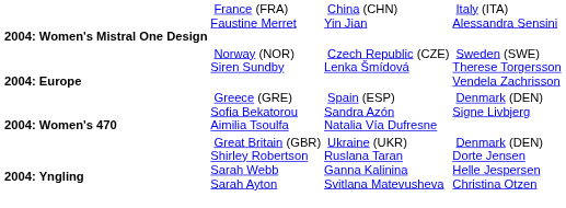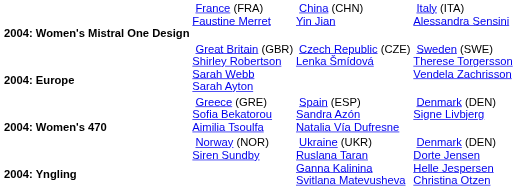 <table>
 <tr>
 <td style="align:center;"><br><br><strong>2004: Women's Mistral One Design</strong> <br></td>
 <td style="vertical-align:top;"> <a href='#'>France</a> <span>(FRA)</span><br><a href='#'>Faustine Merret</a></td>
 <td style="vertical-align:top;"> <a href='#'>China</a> <span>(CHN)</span><br><a href='#'>Yin Jian</a></td>
 <td style="vertical-align:top;"> <a href='#'>Italy</a> <span>(ITA)</span><br><a href='#'>Alessandra Sensini</a></td>
 </tr>
 <tr>
 <td style="align:center;"><br><br><strong>2004: Europe</strong> <br></td>
-<td style="vertical-align:top;"> <a href='#'>Norway</a> <span>(NOR)</span><br><a href='#'>Siren Sundby</a></td>
+<td style="vertical-align:top;"> <a href='#'>Great Britain</a> <span>(GBR)</span><br><a href='#'>Shirley Robertson</a><br><a href='#'>Sarah Webb</a><br><a href='#'>Sarah Ayton</a></td>
 <td style="vertical-align:top;"> <a href='#'>Czech Republic</a> <span>(CZE)</span><br><a href='#'>Lenka Šmídová</a></td>
 <td style="vertical-align:top;"> <a href='#'>Sweden</a> <span>(SWE)</span><br><a href='#'>Therese Torgersson</a><br><a href='#'>Vendela Zachrisson</a></td>
 </tr>
 <tr>
 <td style="align:center;"><br><br><strong>2004: Women's 470</strong> <br></td>
 <td style="vertical-align:top;"> <a href='#'>Greece</a> <span>(GRE)</span><br><a href='#'>Sofia Bekatorou</a><br><a href='#'>Aimilia Tsoulfa</a></td>
 <td style="vertical-align:top;"> <a href='#'>Spain</a> <span>(ESP)</span><br><a href='#'>Sandra Azón</a><br><a href='#'>Natalia Vía Dufresne</a></td>
 <td style="vertical-align:top;"> <a href='#'>Denmark</a> <span>(DEN)</span><br><a href='#'>Signe Livbjerg</a></td>
 </tr>
 <tr>
 <td style="align:center;"><br><br><strong>2004: Yngling</strong> <br></td>
-<td style="vertical-align:top;"> <a href='#'>Great Britain</a> <span>(GBR)</span><br><a href='#'>Shirley Robertson</a><br><a href='#'>Sarah Webb</a><br><a href='#'>Sarah Ayton</a></td>
+<td style="vertical-align:top;"> <a href='#'>Norway</a> <span>(NOR)</span><br><a href='#'>Siren Sundby</a></td>
 <td style="vertical-align:top;"> <a href='#'>Ukraine</a> <span>(UKR)</span><br><a href='#'>Ruslana Taran</a><br><a href='#'>Ganna Kalinina</a><br><a href='#'>Svitlana Matevusheva</a></td>
 <td style="vertical-align:top;"> <a href='#'>Denmark</a> <span>(DEN)</span><br><a href='#'>Dorte Jensen</a><br><a href='#'>Helle Jespersen</a><br><a href='#'>Christina Otzen</a></td>
 </tr>
 </table>
